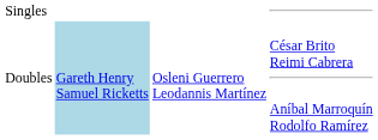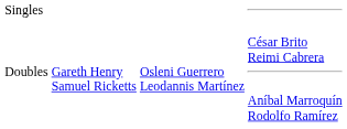 <table>
 <tr>
 <td>Singles</td>
 <td></td>
 <td></td>
 <td><hr></td>
 </tr>
 <tr>
 <td>Doubles</td>
-<td style="background: lightblue;"><br><a href='#'>Gareth Henry</a><br><a href='#'>Samuel Ricketts</a></td>
+<td><br><a href='#'>Gareth Henry</a><br><a href='#'>Samuel Ricketts</a></td>
 <td><br><a href='#'>Osleni Guerrero</a><br><a href='#'>Leodannis Martínez</a></td>
 <td><br><a href='#'>César Brito</a><br><a href='#'>Reimi Cabrera</a><hr><br><a href='#'>Aníbal Marroquín</a><br><a href='#'>Rodolfo Ramírez</a></td>
 </tr>
 </table>
